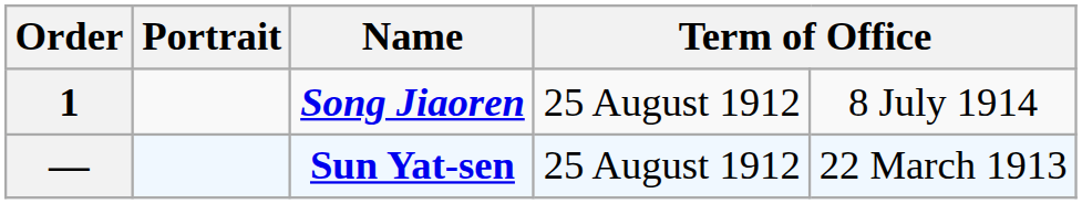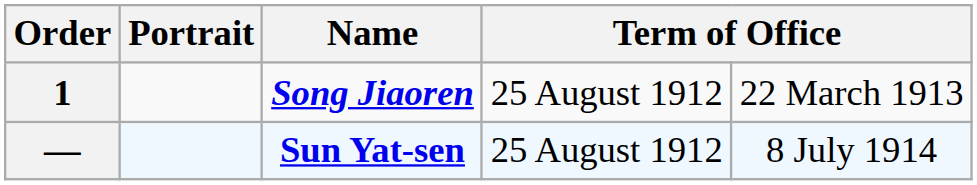 <table class="wikitable" style="text-align:center;">
 <tr>
 <th>Order</th>
 <th>Portrait</th>
 <th>Name</th>
 <th colspan="2">Term of Office</th>
 </tr>
 <tr>
 <th>1</th>
 <td></td>
 <td><strong><em><a href='#'>Song Jiaoren</a></em></strong></td>
 <td>25 August 1912</td>
-<td>8 July 1914</td>
+<td>22 March 1913</td>
 </tr>
 <tr style="background:#f0f8ff">
 <th>—</th>
 <td></td>
 <td><strong><a href='#'>Sun Yat-sen</a></strong></td>
 <td>25 August 1912</td>
-<td>22 March 1913</td>
+<td>8 July 1914</td>
 </tr>
 </table>
